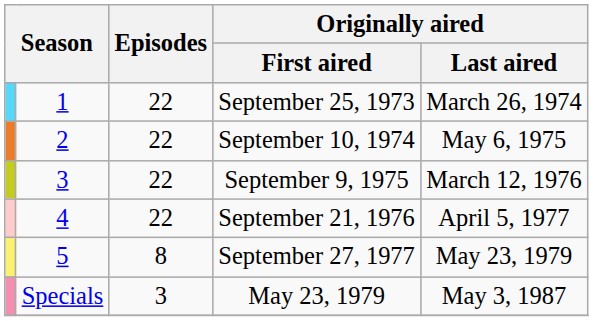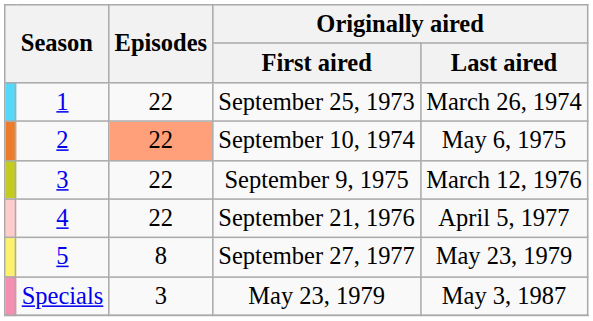 <table class="wikitable plainrowheaders" style="text-align:center;">
 <tr>
 <th colspan="2" rowspan="2">Season</th>
 <th rowspan="2">Episodes</th>
 <th colspan="2">Originally aired</th>
 </tr>
 <tr>
 <th>First aired</th>
 <th>Last aired</th>
 </tr>
 <tr>
 <td bgcolor="#56d8fa"></td>
 <td><a href='#'>1</a></td>
 <td>22</td>
 <td>September 25, 1973</td>
 <td>March 26, 1974</td>
 </tr>
 <tr>
 <td bgcolor="#ec7c2a"></td>
 <td><a href='#'>2</a></td>
-<td>22</td>
+<td style="background: lightsalmon;">22</td>
 <td>September 10, 1974</td>
 <td>May 6, 1975</td>
 </tr>
 <tr>
 <td bgcolor="#c4cc1f"></td>
 <td><a href='#'>3</a></td>
 <td>22</td>
 <td>September 9, 1975</td>
 <td>March 12, 1976</td>
 </tr>
 <tr>
 <td bgcolor="#ffcccc"></td>
 <td><a href='#'>4</a></td>
 <td>22</td>
 <td>September 21, 1976</td>
 <td>April 5, 1977</td>
 </tr>
 <tr>
 <td bgcolor="#fcf26e"></td>
 <td><a href='#'>5</a></td>
 <td>8</td>
 <td>September 27, 1977</td>
 <td>May 23, 1979</td>
 </tr>
 <tr>
 <td bgcolor="#f48fb1"></td>
 <td><a href='#'>Specials</a></td>
 <td>3</td>
 <td>May 23, 1979</td>
 <td>May 3, 1987</td>
 </tr>
 <tr>
 </tr>
 </table>
